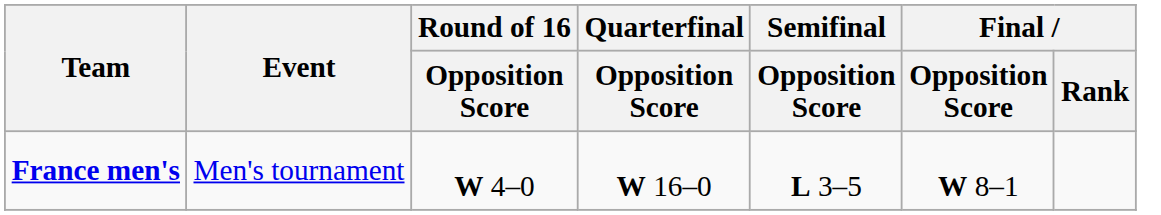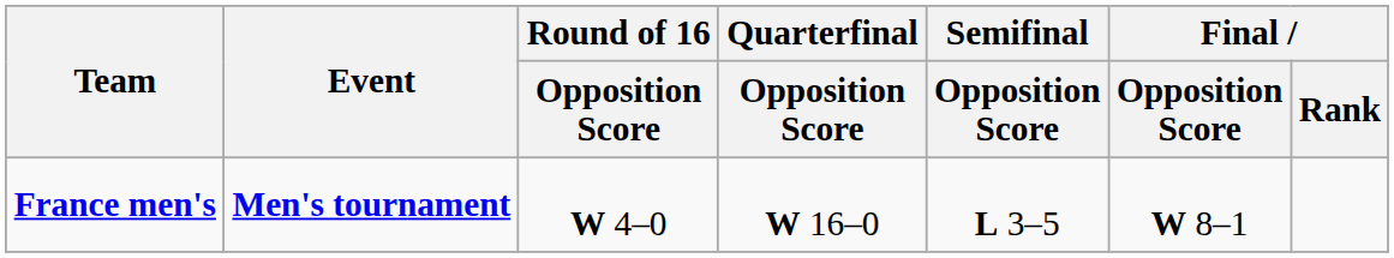 <table class=wikitable style=text-align:center>
 <tr>
 <th rowspan=2>Team</th>
 <th rowspan=2>Event</th>
 <th>Round of 16</th>
 <th>Quarterfinal</th>
 <th>Semifinal</th>
 <th colspan=2>Final / </th>
 </tr>
 <tr>
 <th>Opposition<br>Score</th>
 <th>Opposition<br>Score</th>
 <th>Opposition<br>Score</th>
 <th>Opposition<br>Score</th>
 <th>Rank</th>
 </tr>
 <tr>
 <td align=left><strong><a href='#'>France men's</a></strong></td>
-<td align=left><a href='#'>Men's tournament</a></td>
+<td align=left><strong><a href='#'>Men's tournament</a></strong></td>
 <td><br><strong>W</strong> 4–0</td>
 <td><br><strong>W</strong> 16–0</td>
 <td><br><strong>L</strong> 3–5</td>
 <td><br><strong>W</strong> 8–1</td>
 <td></td>
 </tr>
 </table>
